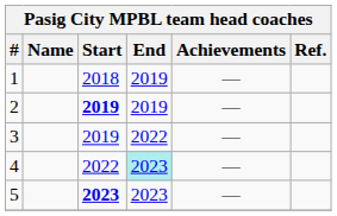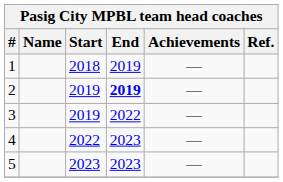 <table class="wikitable sortable">
 <tr>
 <th colspan="6">Pasig City MPBL team head coaches</th>
 </tr>
 <tr>
 <th>#</th>
 <th>Name</th>
 <th>Start</th>
 <th>End</th>
 <th>Achievements</th>
 <th>Ref.</th>
 </tr>
 <tr>
 <td align=center>1</td>
 <td></td>
 <td><a href='#'>2018</a></td>
 <td><a href='#'>2019</a></td>
 <td align=center>—</td>
 <td></td>
 </tr>
 <tr>
 <td align=center>2</td>
 <td></td>
+<td><a href='#'>2019</a></td>
 <td><strong><a href='#'>2019</a></strong></td>
-<td><a href='#'>2019</a></td>
 <td align=center>—</td>
 <td></td>
 </tr>
 <tr>
 <td align=center>3</td>
 <td></td>
 <td><a href='#'>2019</a></td>
 <td><a href='#'>2022</a></td>
 <td align=center>—</td>
 <td></td>
 </tr>
 <tr>
 <td align=center>4</td>
 <td></td>
 <td><a href='#'>2022</a></td>
-<td style="background: paleturquoise;"><a href='#'>2023</a></td>
+<td><a href='#'>2023</a></td>
 <td align=center>—</td>
 <td></td>
 </tr>
 <tr>
 <td align=center>5</td>
 <td></td>
-<td><strong><a href='#'>2023</a></strong></td>
+<td><a href='#'>2023</a></td>
 <td><a href='#'>2023</a></td>
 <td align=center>—</td>
 <td></td>
 </tr>
 <tr>
 </tr>
 </table>
